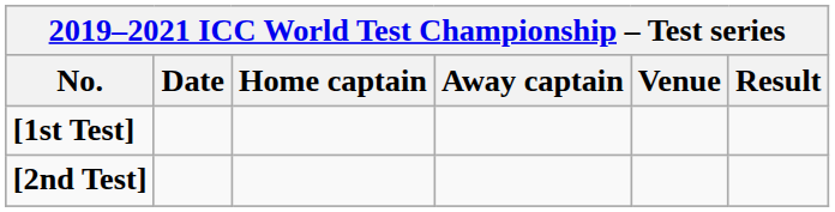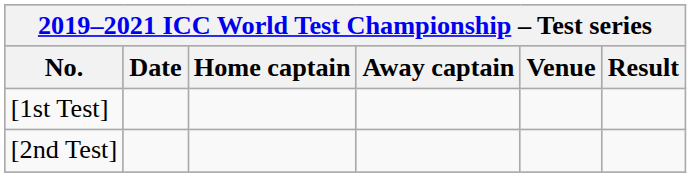 <table class="wikitable">
 <tr>
 <th colspan="9"><a href='#'>2019–2021 ICC World Test Championship</a> – Test series</th>
 </tr>
 <tr>
 <th>No.</th>
 <th>Date</th>
 <th>Home captain</th>
 <th>Away captain</th>
 <th>Venue</th>
 <th>Result</th>
 </tr>
 <tr>
-<td><strong>[1st Test]</strong></td>
+<td>[1st Test]</td>
 <td></td>
 <td></td>
 <td></td>
 <td></td>
 <td></td>
 </tr>
 <tr>
-<td><strong>[2nd Test]</strong></td>
+<td>[2nd Test]</td>
 <td></td>
 <td></td>
 <td></td>
 <td></td>
 <td></td>
 </tr>
 </table>
